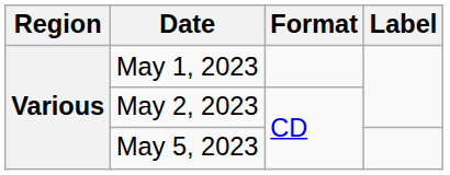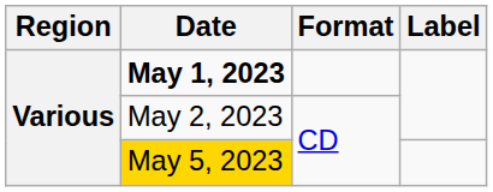 <table class="wikitable plainrowheaders">
 <tr>
 <th scope="col">Region</th>
 <th scope="col">Date</th>
 <th scope="col">Format</th>
 <th scope="col">Label</th>
 </tr>
 <tr>
 <th rowspan="3" scope="row">Various</th>
-<td>May 1, 2023</td>
+<td><strong>May 1, 2023</strong></td>
 <td></td>
 <td rowspan="2"></td>
 </tr>
 <tr>
 <td>May 2, 2023</td>
 <td rowspan="2"><a href='#'>CD</a></td>
 </tr>
 <tr>
-<td>May 5, 2023</td>
+<td style="background: gold;">May 5, 2023</td>
 <td></td>
 </tr>
 </table>
